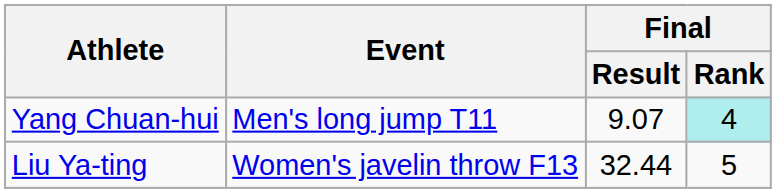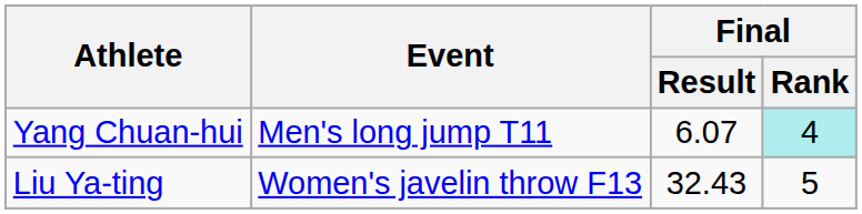 <table class=wikitable style="font-size:90%; text=align:center">
 <tr>
 <th rowspan="2">Athlete</th>
 <th rowspan="2">Event</th>
 <th colspan="3">Final</th>
 </tr>
 <tr>
 <th>Result</th>
 <th>Rank</th>
 </tr>
 <tr>
 <td align="left"><a href='#'>Yang Chuan-hui</a></td>
 <td align="left"><a href='#'>Men's long jump T11</a></td>
-<td align="center">9.07</td>
+<td align="center">6.07</td>
 <td align="center" style="background: paleturquoise;">4</td>
 </tr>
 <tr>
 <td align="left"><a href='#'>Liu Ya-ting</a></td>
 <td align="left"><a href='#'>Women's javelin throw F13</a></td>
-<td align="center">32.44</td>
+<td align="center">32.43</td>
 <td align="center">5</td>
 </tr>
 </table>
